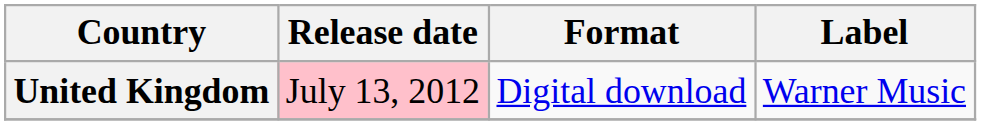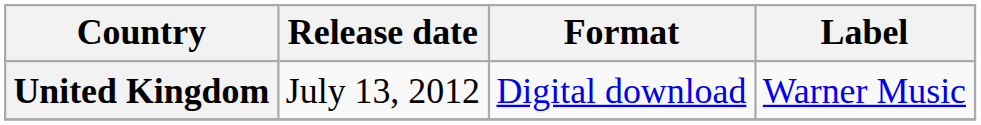 <table class="wikitable plainrowheaders">
 <tr>
 <th scope="col">Country</th>
 <th scope="col">Release date</th>
 <th scope="col">Format</th>
 <th scope="col">Label</th>
 </tr>
 <tr>
 <th scope="row">United Kingdom</th>
-<td style="background: pink;">July 13, 2012</td>
+<td>July 13, 2012</td>
 <td><a href='#'>Digital download</a></td>
 <td><a href='#'>Warner Music</a></td>
 </tr>
 <tr>
 </tr>
 </table>
